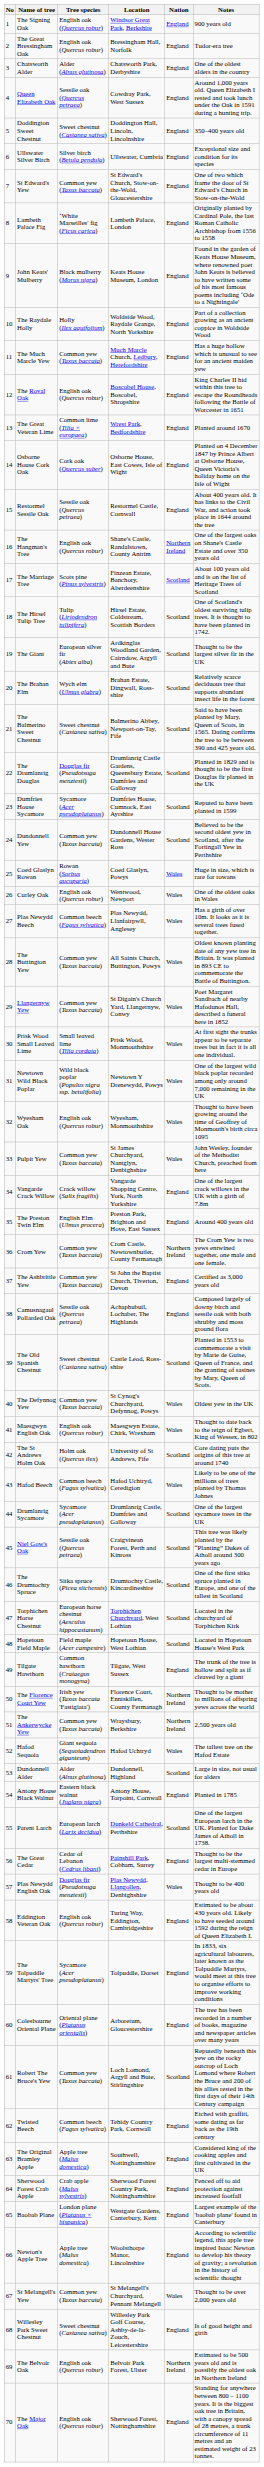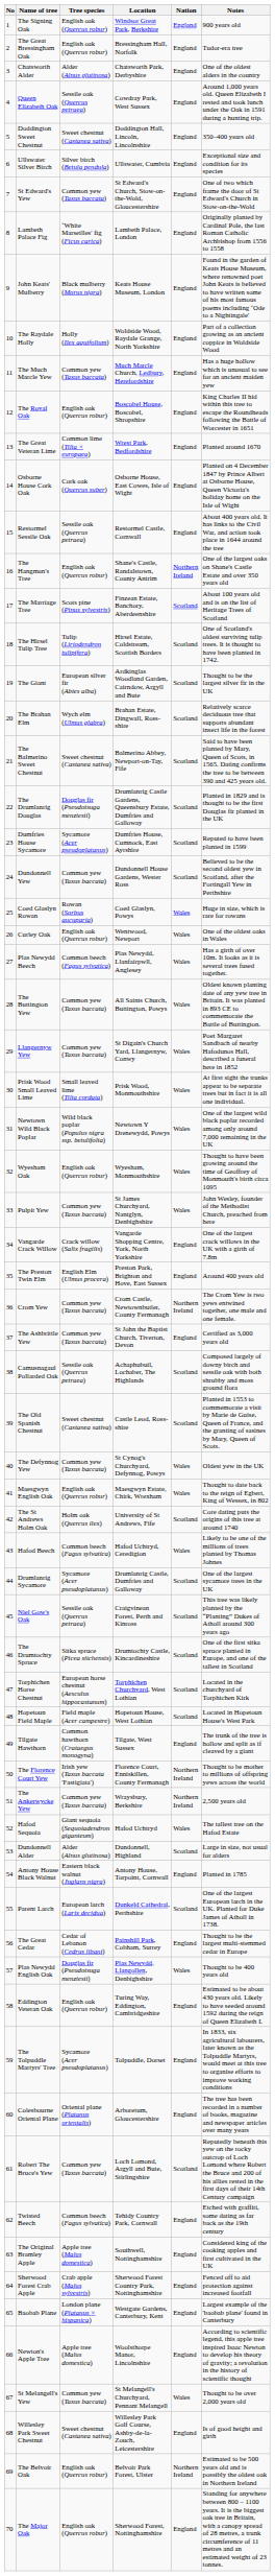 <table class="wikitable">
 <tr>
 <th>No</th>
 <th>Name of tree</th>
 <th>Tree species</th>
 <th>Location</th>
 <th>Nation</th>
 <th>Notes</th>
 </tr>
 <tr>
 <td>1</td>
 <td>The Signing Oak</td>
 <td>English oak <br>(<em><a href='#'>Quercus robur</a></em>)</td>
 <td><a href='#'>Windsor Great Park</a>, <a href='#'>Berkshire</a></td>
 <td><a href='#'>England</a></td>
 <td>900 years old</td>
 </tr>
 <tr>
 <td>2</td>
 <td>The Great Bressingham Oak</td>
 <td>English oak <br>(<em>Quercus robur</em>)</td>
 <td>Bressingham Hall, Norfolk</td>
 <td>England</td>
 <td>Tudor-era tree</td>
 </tr>
 <tr>
 <td>3</td>
 <td>Chatsworth Alder</td>
 <td>Alder <br>(<em><a href='#'>Alnus glutinosa</a></em>)</td>
 <td>Chatsworth Park, Derbyshire</td>
 <td>England</td>
 <td>One of the oldest alders in the country</td>
 </tr>
 <tr>
 <td>4</td>
 <td><a href='#'>Queen Elizabeth Oak</a></td>
 <td>Sessile oak <br>(<em><a href='#'>Quercus petraea</a></em>)</td>
 <td>Cowdray Park, West Sussex</td>
 <td>England</td>
 <td>Around 1,000 years old. Queen Elizabeth I rested and took lunch under the Oak in 1591 during a hunting trip.</td>
 </tr>
 <tr>
 <td>5</td>
 <td>Doddington Sweet Chestnut</td>
 <td>Sweet chestnut <br>(<em><a href='#'>Castanea sativa</a></em>)</td>
 <td>Doddington Hall, Lincoln, Lincolnshire</td>
 <td>England</td>
 <td>350–400 years old</td>
 </tr>
 <tr>
 <td>6</td>
 <td>Ullswater Silver Birch</td>
 <td>Silver birch <br>(<em><a href='#'>Betula pendula</a></em>)</td>
 <td>Ullswater, Cumbria</td>
 <td>England</td>
 <td>Exceptional size and condition for its species</td>
 </tr>
 <tr>
 <td>7</td>
 <td>St Edward's Yew</td>
 <td>Common yew <br>(<em><a href='#'>Taxus baccata</a></em>)</td>
 <td>St Edward's Church, Stow-on-the-Wold, Gloucestershire</td>
 <td>England</td>
 <td>One of two which frame the door of St Edward's Church in Stow-on-the-Wold</td>
 </tr>
 <tr>
 <td>8</td>
 <td>Lambeth Palace Fig</td>
 <td>‘White Marseilles' fig <br>(<em><a href='#'>Ficus carica</a></em>)</td>
 <td>Lambeth Palace, London</td>
 <td>England</td>
 <td>Originally planted by Cardinal Pole, the last Roman Catholic Archbishop from 1556 to 1558</td>
 </tr>
 <tr>
 <td>9</td>
 <td>John Keats' Mulberry</td>
 <td>Black mulberry <br>(<em><a href='#'>Morus nigra</a></em>)</td>
 <td>Keats House Museum, London</td>
 <td>England</td>
 <td>Found in the garden of Keats House Museum, where renowned poet John Keats is believed to have written some of his most famous poems including ‘Ode to a Nightingale'</td>
 </tr>
 <tr>
 <td>10</td>
 <td>The Raydale Holly</td>
 <td>Holly <br>(<em><a href='#'>Ilex aquifolium</a></em>)</td>
 <td>Woldside Wood, Raydale Grange, North Yorkshire</td>
 <td>England</td>
 <td>Part of a collection growing as an ancient coppice in Woldside Wood</td>
 </tr>
 <tr>
 <td>11</td>
 <td>The Much Marcle Yew</td>
 <td>Common yew <br>(<em><a href='#'>Taxus baccata</a></em>)</td>
 <td><a href='#'>Much Marcle</a> Church, <a href='#'>Ledbury</a>, <a href='#'>Herefordshire</a></td>
 <td>England</td>
 <td>Has a huge hollow which is unusual to see for an ancient maiden yew</td>
 </tr>
 <tr>
 <td>12</td>
 <td>The <a href='#'>Royal Oak</a></td>
 <td>English oak <br>(<em>Quercus robur</em>)</td>
 <td><a href='#'>Boscobel House</a>, Boscobel, Shropshire</td>
 <td>England</td>
 <td>King Charles II hid within this tree to escape the Roundheads following the Battle of Worcester in 1651</td>
 </tr>
 <tr>
 <td>13</td>
 <td>The Great Veteran Lime</td>
 <td>Common lime <br>(<em><a href='#'>Tilia × europaea</a></em>)</td>
 <td><a href='#'>Wrest Park</a>, <a href='#'>Bedfordshire</a></td>
 <td>England</td>
 <td>Planted around 1670</td>
 </tr>
 <tr>
 <td>14</td>
 <td>Osborne House Cork Oak</td>
 <td>Cork oak <br>(<em><a href='#'>Quercus suber</a></em>)</td>
 <td>Osborne House, East Cowes, Isle of Wight</td>
 <td>England</td>
 <td>Planted on 4 December 1847 by Prince Albert at Osborne House, Queen Victoria's holiday home on the Isle of Wight</td>
 </tr>
 <tr>
 <td>15</td>
 <td>Restormel Sessile Oak</td>
 <td>Sessile oak <br>(<em>Quercus petraea</em>)</td>
 <td>Restormel Castle, Cornwall</td>
 <td>England</td>
 <td>About 400 years old. It has links to the Civil War, and action took place in 1644 around the tree</td>
 </tr>
 <tr>
 <td>16</td>
 <td>The Hangman's Tree</td>
 <td>English oak <br>(<em>Quercus robur</em>)</td>
 <td>Shane's Castle, Randalstown, County Antrim</td>
 <td><a href='#'>Northern Ireland</a></td>
 <td>One of the largest oaks on Shane's Castle Estate and over 350 years old</td>
 </tr>
 <tr>
 <td>17</td>
 <td>The Marriage Tree</td>
 <td>Scots pine <br>(<em><a href='#'>Pinus sylvestris</a></em>)</td>
 <td>Finzean Estate, Banchory, Aberdeenshire</td>
 <td><a href='#'>Scotland</a></td>
 <td>About 100 years old and is on the list of Heritage Trees of Scotland</td>
 </tr>
 <tr>
 <td>18</td>
 <td>The Hirsel Tulip Tree</td>
 <td>Tulip <br>(<em><a href='#'>Liriodendron tulipifera</a></em>)</td>
 <td>Hirsel Estate, Coldstream, Scottish Borders</td>
 <td>Scotland</td>
 <td>One of Scotland's oldest surviving tulip trees. It is thought to have been planted in 1742.</td>
 </tr>
 <tr>
 <td>19</td>
 <td>The Giant</td>
 <td>European silver fir <br>(<em>Abies alba</em>)</td>
 <td>Ardkinglas Woodland Garden, Cairndow, Argyll and Bute</td>
 <td>Scotland</td>
 <td>Thought to be the largest silver fir in the UK</td>
 </tr>
 <tr>
 <td>20</td>
 <td>The Brahan Elm</td>
 <td>Wych elm <br>(<em><a href='#'>Ulmus glabra</a></em>)</td>
 <td>Brahan Estate, Dingwall, Ross-shire</td>
 <td>Scotland</td>
 <td>Relatively scarce deciduous tree that supports abundant insect life in the forest</td>
 </tr>
 <tr>
 <td>21</td>
 <td>The Balmerino Sweet Chestnut</td>
 <td>Sweet chestnut <br>(<em>Castanea sativa</em>)</td>
 <td>Balmerino Abbey, Newport-on-Tay, Fife</td>
 <td>Scotland</td>
 <td>Said to have been planted by Mary, Queen of Scots, in 1565. Dating confirms the tree to be between 390 and 425 years old.</td>
 </tr>
 <tr>
 <td>22</td>
 <td>The Drumlanrig Douglas</td>
 <td><a href='#'>Douglas fir</a> <br>(<em>Pseudotsuga menziesii</em>)</td>
 <td>Drumlanrig Castle Gardens, Queensbury Estate, Dumfries and Galloway</td>
 <td>Scotland</td>
 <td>Planted in 1829 and is thought to be the first Douglas fir planted in the UK</td>
 </tr>
 <tr>
 <td>23</td>
 <td>Dumfries House Sycamore</td>
 <td>Sycamore <br>(<em><a href='#'>Acer pseudoplatanus</a></em>)</td>
 <td>Dumfries House, Cumnock, East Ayrshire</td>
 <td>Scotland</td>
 <td>Reputed to have been planted in 1599</td>
 </tr>
 <tr>
 <td>24</td>
 <td>Dundonnell Yew</td>
 <td>Common yew <br>(<em>Taxus baccata</em>)</td>
 <td>Dundonnell House Gardens, Wester Ross</td>
 <td>Scotland</td>
 <td>Believed to be the second oldest yew in Scotland, after the Fortingall Yew in Perthshire</td>
 </tr>
 <tr>
 <td>25</td>
 <td>Coed Glaslyn Rowan</td>
 <td>Rowan <br>(<em><a href='#'>Sorbus aucuparia</a></em>)</td>
 <td>Coed Glaslyn, Powys</td>
 <td><a href='#'>Wales</a></td>
 <td>Huge in size, which is rare for rowans</td>
 </tr>
 <tr>
 <td>26</td>
 <td>Curley Oak</td>
 <td>English oak <br>(<em>Quercus robur</em>)</td>
 <td>Wentwood, Newport</td>
 <td>Wales</td>
 <td>One of the oldest oaks in Wales</td>
 </tr>
 <tr>
 <td>27</td>
 <td>Plas Newydd Beech</td>
 <td>Common beech <br>(<em><a href='#'>Fagus sylvatica</a></em>)</td>
 <td>Plas Newydd, Llanfairpwll, Anglesey</td>
 <td>Wales</td>
 <td>Has a girth of over 10m. It looks as it is several trees fused together.</td>
 </tr>
 <tr>
 <td>28</td>
 <td>The Buttington Yew</td>
 <td>Common yew <br>(<em>Taxus baccata</em>)</td>
 <td>All Saints Church, Buttington, Powys</td>
 <td>Wales</td>
 <td>Oldest known planting date of any yew tree in Britain. It was planted in 893 CE to commemorate the Battle of Buttington.</td>
 </tr>
 <tr>
 <td>29</td>
 <td><a href='#'>Llangernyw Yew</a></td>
 <td>Common yew <br>(<em>Taxus baccata</em>)</td>
 <td>St Digain's Church Yard, Llangernyw, Conwy</td>
 <td>Wales</td>
 <td>Poet Margaret Sandbach of nearby Hafodunos Hall, described a funeral here in 1852</td>
 </tr>
 <tr>
 <td>30</td>
 <td>Prisk Wood Small Leaved Lime</td>
 <td>Small leaved lime <br>(<em><a href='#'>Tilia cordata</a></em>)</td>
 <td>Prisk Wood, Monmouthshire</td>
 <td>Wales</td>
 <td>At first sight the trunks appear to be separate trees but in fact it is all one individual.</td>
 </tr>
 <tr>
 <td>31</td>
 <td>Newtown Wild Black Poplar</td>
 <td>Wild black poplar <br>(<em>Populus nigra ssp. betulifolia</em>)</td>
 <td>Newtown Y Drenewydd, Powys</td>
 <td>Wales</td>
 <td>One of the largest wild black poplar recorded among only around 7,000 remaining in the UK</td>
 </tr>
 <tr>
 <td>32</td>
 <td>Wyesham Oak</td>
 <td>English oak <br>(<em>Quercus robur</em>)</td>
 <td>Wyesham, Monmouthshire</td>
 <td>Wales</td>
 <td>Thought to have been growing around the time of Geoffrey of Monmouth's birth circa 1095</td>
 </tr>
 <tr>
 <td>33</td>
 <td>Pulpit Yew</td>
 <td>Common yew <br>(<em>Taxus baccata</em>)</td>
 <td>St James Churchyard, Nantglyn, Denbighshire</td>
 <td>Wales</td>
 <td>John Wesley, founder of the Methodist Church, preached from here</td>
 </tr>
 <tr>
 <td>34</td>
 <td>Vangarde Crack Willow</td>
 <td>Crack willow <br>(<em>Salix fragilis</em>)</td>
 <td>Vangarde Shopping Centre, York, North Yorkshire</td>
 <td>England</td>
 <td>One of the largest crack willows in the UK with a girth of 7.8m</td>
 </tr>
 <tr>
 <td>35</td>
 <td>The Preston Twin Elm</td>
 <td>English Elm <br>(<em>Ulmus procera</em>)</td>
 <td>Preston Park, Brighton and Hove, East Sussex</td>
 <td>England</td>
 <td>Around 400 years old</td>
 </tr>
 <tr>
 <td>36</td>
 <td>Crom Yew</td>
 <td>Common yew <br>(<em>Taxus baccata</em>)</td>
 <td>Crom Castle, Newtownbutler, County Fermanagh</td>
 <td>Northern Ireland</td>
 <td>The Crom Yew is two yews entwined together, one male and one female.</td>
 </tr>
 <tr>
 <td>37</td>
 <td>The Ashbrittle Yew</td>
 <td>Common yew <br>(<em>Taxus baccata</em>)</td>
 <td>St John the Baptist Church, Tiverton, Devon</td>
 <td>England</td>
 <td>Certified as 3,000 years old</td>
 </tr>
 <tr>
 <td>38</td>
 <td>Camusnagaul Pollarded Oak</td>
 <td>Sessile oak <br>(<em>Quercus petraea</em>)</td>
 <td>Achaphubuil, Lochaber, The Highlands</td>
-<td>England</td>
+<td>Scotland</td>
 <td>Composed largely of downy birch and sessile oak with both shrubby and moss ground flora</td>
 </tr>
 <tr>
 <td>39</td>
 <td>The Old Spanish Chestnut</td>
 <td>Sweet chestnut <br>(<em>Castanea sativa</em>)</td>
 <td>Castle Leod, Ross-shire</td>
 <td>Scotland</td>
 <td>Planted in 1553 to commemorate a visit by Marie de Guise, Queen of France, and the granting of sasines by Mary, Queen of Scots.</td>
 </tr>
 <tr>
 <td>40</td>
 <td>The Defynnog Yew</td>
 <td>Common yew <br>(<em>Taxus baccata</em>)</td>
 <td>St Cynog's Churchyard, Defynnog, Powys</td>
 <td>Wales</td>
 <td>Oldest yew in the UK</td>
 </tr>
 <tr>
 <td>41</td>
 <td>Maesgwyn English Oak</td>
 <td>English oak <br>(<em>Quercus robur</em>)</td>
 <td>Maesgwyn Estate, Chirk, Wrexham</td>
 <td>Wales</td>
 <td>Thought to date back to the reign of Egbert, King of Wessex, in 802</td>
 </tr>
 <tr>
 <td>42</td>
 <td>The St Andrews Holm Oak</td>
 <td>Holm oak <br>(<em>Quercus ilex</em>)</td>
 <td>University of St Andrews, Fife</td>
 <td>Scotland</td>
 <td>Core dating puts the origins of this tree at around 1740</td>
 </tr>
 <tr>
 <td>43</td>
 <td>Hafod Beech</td>
 <td>Common beech <br>(<em>Fagus sylvatica</em>)</td>
 <td>Hafod Uchtryd, Ceredigion</td>
 <td>Wales</td>
 <td>Likely to be one of the millions of trees planted by Thomas Johnes</td>
 </tr>
 <tr>
 <td>44</td>
 <td>Drumlanrig Sycamore</td>
 <td>Sycamore <br>(<em>Acer pseudoplatanus</em>)</td>
 <td>Drumlanrig Castle, Dumfries and Galloway</td>
 <td>Scotland</td>
 <td>One of the largest sycamore trees in the UK</td>
 </tr>
 <tr>
 <td>45</td>
 <td><a href='#'>Niel Gow's Oak</a></td>
 <td>Sessile oak <br>(<em>Quercus petraea</em>)</td>
 <td>Craigvinean Forest, Perth and Kinross</td>
 <td>Scotland</td>
 <td>This tree was likely planted by the “Planting” Dukes of Atholl around 300 years ago</td>
 </tr>
 <tr>
 <td>46</td>
 <td>The Drumtochty Spruce</td>
 <td>Sitka spruce <br>(<em>Picea sitchensis</em>)</td>
 <td>Drumtochty Castle, Kincardineshire</td>
 <td>Scotland</td>
 <td>One of the first sitka spruce planted in Europe, and one of the tallest in Scotland</td>
 </tr>
 <tr>
 <td>47</td>
 <td>Torphichen Horse Chestnut</td>
 <td>European horse chestnut <br>(<em>Aesculus hippocastanum</em>)</td>
 <td><a href='#'>Torphichen Churchyard</a>, West Lothian</td>
 <td>Scotland</td>
 <td>Located in the churchyard of Torphichen Kirk</td>
 </tr>
 <tr>
 <td>48</td>
 <td>Hopetoun Field Maple</td>
 <td>Field maple <br>(<em>Acer campestre</em>)</td>
 <td>Hopetoun House, West Lothian</td>
 <td>Scotland</td>
 <td>Located in Hopetoun House's West Park</td>
 </tr>
 <tr>
 <td>49</td>
 <td>Tilgate Hawthorn</td>
 <td>Common hawthorn <br>(<em>Crataegus monogyna</em>)</td>
 <td>Tilgate, West Sussex</td>
 <td>England</td>
 <td>The trunk of the tree is hollow and split as if cleaved by a giant</td>
 </tr>
 <tr>
 <td>50</td>
 <td>The <a href='#'>Florence Court Yew</a></td>
 <td>Irish yew <br>(<em>Taxus baccata</em> 'Fastigiata')</td>
 <td>Florence Court, Enniskillen, County Fermanagh</td>
 <td>Northern Ireland</td>
 <td>Thought to be mother to millions of offspring yews across the world</td>
 </tr>
 <tr>
 <td>51</td>
 <td>The <a href='#'>Ankerwycke Yew</a></td>
 <td>Common yew <br>(<em>Taxus baccata</em>)</td>
 <td>Wraysbury, Berkshire</td>
 <td>Northern Ireland</td>
 <td>2,500 years old</td>
 </tr>
 <tr>
 <td>52</td>
 <td>Hafod Sequoia</td>
 <td>Giant sequoia <br>(<em>Sequoiadendron giganteum</em>)</td>
 <td>Hafod Uchtryd</td>
 <td>Wales</td>
 <td>The tallest tree on the Hafod Estate</td>
 </tr>
 <tr>
 <td>53</td>
 <td>Dundonnell Alder</td>
 <td>Alder <br>(<em>Alnus glutinosa</em>)</td>
 <td>Dundonnell, Highland</td>
 <td>Scotland</td>
 <td>Large in size, not usual for alders</td>
 </tr>
 <tr>
 <td>54</td>
 <td>Antony House Black Walnut</td>
 <td>Eastern black walnut <br>(<em><a href='#'>Juglans nigra</a></em>)</td>
 <td>Antony House, Torpoint, Cornwall</td>
 <td>England</td>
 <td>Planted in 1785</td>
 </tr>
 <tr>
 <td>55</td>
 <td>Parent Larch</td>
 <td>European larch <br>(<em><a href='#'>Larix decidua</a></em>)</td>
 <td><a href='#'>Dunkeld Cathedral</a>, Perthshire</td>
 <td>Scotland</td>
 <td>One of the largest European larch in the UK. Planted for Duke James of Atholl in 1738.</td>
 </tr>
 <tr>
 <td>56</td>
 <td>The Great Cedar</td>
 <td>Cedar of Lebanon <br>(<em><a href='#'>Cedrus libani</a></em>)</td>
 <td><a href='#'>Painshill Park</a>, Cobham, Surrey</td>
 <td>England</td>
 <td>Thought to be the largest multi-stemmed cedar in Europe</td>
 </tr>
 <tr>
 <td>57</td>
 <td>Plas Newydd English Oak</td>
 <td><a href='#'>Douglas fir</a> <br>(<em>Pseudotsuga menziesii</em>)</td>
 <td><a href='#'>Plas Newydd, Llangollen</a>, Denbighshire</td>
 <td>Wales</td>
 <td>Thought to be 400 years old</td>
 </tr>
 <tr>
 <td>58</td>
 <td>Eddington Veteran Oak</td>
 <td>English oak <br>(<em>Quercus robur</em>)</td>
 <td>Turing Way, Eddington, Cambridgeshire</td>
 <td>England</td>
 <td>Estimated to be about 430 years old. Likely to have seeded around 1592 during the reign of Queen Elizabeth I.</td>
 </tr>
 <tr>
 <td>59</td>
 <td>The Tolpuddle Martyrs' Tree</td>
 <td>Sycamore <br>(<em>Acer pseudoplatanus</em>)</td>
 <td>Tolpuddle, Dorset</td>
 <td>England</td>
 <td>In 1833, six agricultural labourers, later known as the Tolpuddle Martyrs, would meet at this tree to organise efforts to improve working conditions</td>
 </tr>
 <tr>
 <td>60</td>
 <td>Colesbourne Oriental Plane</td>
 <td>Oriental plane <br>(<em><a href='#'>Platanus orientalis</a></em>)</td>
 <td>Arboretum, Gloucestershire</td>
 <td>England</td>
 <td>The tree has been recorded in a number of books, magazine and newspaper articles over many years</td>
 </tr>
 <tr>
 <td>61</td>
 <td>Robert The Bruce's Yew</td>
 <td>Common yew <br>(<em>Taxus baccata</em>)</td>
 <td>Loch Lomond, Argyll and Bute, Stirlingshire</td>
 <td>Scotland</td>
 <td>Reputedly beneath this yew on the rocky outcrop of Loch Lomond where Robert the Bruce and 200 of his allies rested in the first days of their 14th Century campaign</td>
 </tr>
 <tr>
 <td>62</td>
 <td>Twisted Beech</td>
 <td>Common beech <br>(<em>Fagus sylvatica</em>)</td>
 <td>Tehidy Country Park, Cornwall</td>
 <td>England</td>
 <td>Etched with graffiti, some dating as far back as the 19th century</td>
 </tr>
 <tr>
 <td>63</td>
 <td>The Original Bramley Apple</td>
 <td>Apple tree <br>(<em><a href='#'>Malus domestica</a></em>)</td>
 <td>Southwell, Nottinghamshire</td>
 <td>England</td>
 <td>Considered king of the cooking apples and first cultivated in the UK</td>
 </tr>
 <tr>
 <td>64</td>
 <td>Sherwood Forest Crab Apple</td>
 <td>Crab apple <br>(<em><a href='#'>Malus sylvestris</a></em>)</td>
 <td>Sherwood Forest Country Park, Nottinghamshire</td>
 <td>England</td>
 <td>Fenced off to aid protection against increased footfall</td>
 </tr>
 <tr>
 <td>65</td>
 <td>Baobab Plane</td>
 <td>London plane <br>(<em><a href='#'>Platanus × hispanica</a></em>)</td>
 <td>Westgate Gardens, Canterbury, Kent</td>
 <td>England</td>
 <td>Largest example of the 'baobab plane' found in Canterbury</td>
 </tr>
 <tr>
 <td>66</td>
 <td>Newton's Apple Tree</td>
 <td>Apple tree <br>(<em>Malus domestica</em>)</td>
 <td>Woolsthorpe Manor, Lincolnshire</td>
 <td>England</td>
 <td>According to scientific legend, this apple tree inspired Isaac Newton to develop his theory of gravity; a revolution in the history of scientific thought</td>
 </tr>
 <tr>
 <td>67</td>
 <td>St Melangell's Yew</td>
 <td>Common yew <br>(<em>Taxus baccata</em>)</td>
 <td>St Melangell's Churchyard, Pennant Melangell</td>
 <td>Wales</td>
 <td>Thought to be over 2,000 years old</td>
 </tr>
 <tr>
 <td>68</td>
 <td>Willesley Park Sweet Chestnut</td>
 <td>Sweet chestnut <br>(<em>Castanea sativa</em>)</td>
 <td>Willesley Park Golf Course, Ashby-de-la-Zouch, Leicestershire</td>
 <td>England</td>
 <td>Is of good height and girth</td>
 </tr>
 <tr>
 <td>69</td>
 <td>The Belvoir Oak</td>
 <td>English oak <br>(<em>Quercus robur</em>)</td>
 <td>Belvoir Park Forest, Ulster</td>
 <td>Northern Ireland</td>
 <td>Estimated to be 500 years old and is possibly the oldest oak in Northern Ireland</td>
 </tr>
 <tr>
 <td>70</td>
 <td>The <a href='#'>Major Oak</a></td>
 <td>English oak <br>(<em>Quercus robur</em>)</td>
 <td>Sherwood Forest, Nottinghamshire</td>
 <td>England</td>
 <td>Standing for anywhere between 800 – 1100 years. It is the biggest oak tree in Britain, with a canopy spread of 28 metres, a trunk circumference of 11 metres and an estimated weight of 23 tonnes.</td>
 </tr>
 </table>
